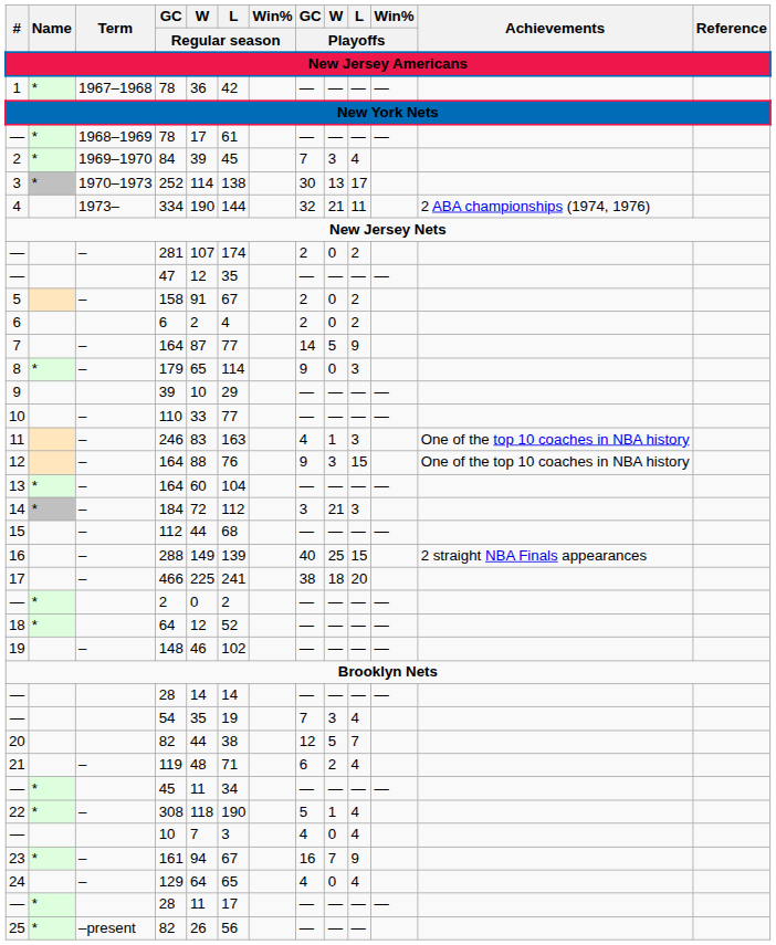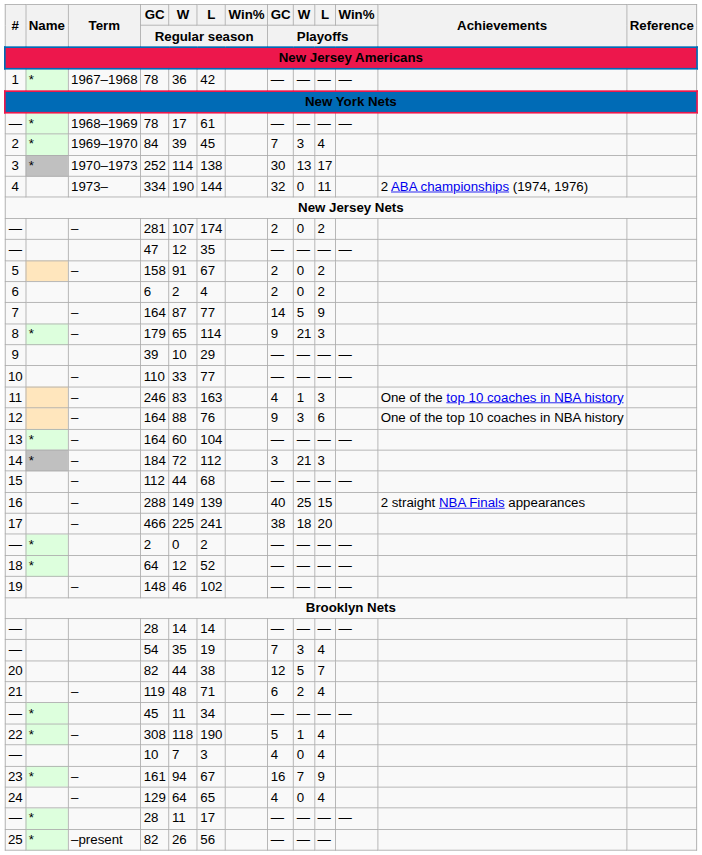 <table class="wikitable sortable">
 <tr>
 <th rowspan="2">#</th>
 <th rowspan="2">Name</th>
 <th rowspan="2">Term</th>
 <th>GC</th>
 <th>W</th>
 <th>L</th>
 <th>Win%</th>
 <th>GC</th>
 <th>W</th>
 <th>L</th>
 <th>Win%</th>
 <th rowspan="2" class=unsortable>Achievements</th>
 <th rowspan="2" class=unsortable>Reference</th>
 </tr>
 <tr class="unsortable">
 <th colspan="4">Regular season</th>
 <th colspan="4">Playoffs</th>
 </tr>
 <tr>
 <td align=center colspan="16" style="border:2px solid #006BB6; background-color:#ED174C;"><span><strong>New Jersey Americans</strong></span></td>
 </tr>
 <tr>
 <td align=center>1</td>
 <td style="background-color:#ddffdd">*</td>
 <td>1967–1968</td>
 <td>78</td>
 <td>36</td>
 <td>42</td>
 <td></td>
 <td>—</td>
 <td>—</td>
 <td>—</td>
 <td>—</td>
 <td></td>
 <td align=center></td>
 </tr>
 <tr>
 <td align=center colspan="16" style="border:2px solid #ED174C; background-color:#006BB6;"><span><strong>New York Nets</strong></span></td>
 </tr>
 <tr>
 <td align=center>—</td>
 <td style="background-color:#ddffdd">*</td>
 <td>1968–1969</td>
 <td>78</td>
 <td>17</td>
 <td>61</td>
 <td></td>
 <td>—</td>
 <td>—</td>
 <td>—</td>
 <td>—</td>
 <td></td>
 <td align=center></td>
 </tr>
 <tr>
 <td align=center>2</td>
 <td style="background-color:#ddffdd">*</td>
 <td>1969–1970</td>
 <td>84</td>
 <td>39</td>
 <td>45</td>
 <td></td>
 <td>7</td>
 <td>3</td>
 <td>4</td>
 <td></td>
 <td></td>
 <td align=center></td>
 </tr>
 <tr>
 <td align=center>3</td>
 <td style="background-color:silver">*</td>
 <td>1970–1973</td>
 <td>252</td>
 <td>114</td>
 <td>138</td>
 <td></td>
 <td>30</td>
 <td>13</td>
 <td>17</td>
 <td></td>
 <td></td>
 <td align=center></td>
 </tr>
 <tr>
 <td align=center>4</td>
 <td></td>
 <td>1973–</td>
 <td>334</td>
 <td>190</td>
 <td>144</td>
 <td></td>
 <td>32</td>
-<td>21</td>
+<td>0</td>
 <td>11</td>
 <td></td>
 <td>2 <a href='#'>ABA championships</a> (1974, 1976)</td>
 <td align=center></td>
 </tr>
 <tr>
 <td align=center colspan="16"><strong>New Jersey Nets</strong></td>
 </tr>
 <tr>
 <td align=center>—</td>
 <td></td>
 <td>–</td>
 <td>281</td>
 <td>107</td>
 <td>174</td>
 <td></td>
 <td>2</td>
 <td>0</td>
 <td>2</td>
 <td></td>
 <td></td>
 <td align=center></td>
 </tr>
 <tr>
 <td align=center>—</td>
 <td></td>
 <td></td>
 <td>47</td>
 <td>12</td>
 <td>35</td>
 <td></td>
 <td>—</td>
 <td>—</td>
 <td>—</td>
 <td>—</td>
 <td></td>
 <td align=center></td>
 </tr>
 <tr>
 <td align=center>5</td>
 <td bgcolor="#FFE6BD"></td>
 <td>–</td>
 <td>158</td>
 <td>91</td>
 <td>67</td>
 <td></td>
 <td>2</td>
 <td>0</td>
 <td>2</td>
 <td></td>
 <td></td>
 <td align=center></td>
 </tr>
 <tr>
 <td align=center>6</td>
 <td></td>
 <td></td>
 <td>6</td>
 <td>2</td>
 <td>4</td>
 <td></td>
 <td>2</td>
 <td>0</td>
 <td>2</td>
 <td></td>
 <td></td>
 <td align=center></td>
 </tr>
 <tr>
 <td align=center>7</td>
 <td></td>
 <td>–</td>
 <td>164</td>
 <td>87</td>
 <td>77</td>
 <td></td>
 <td>14</td>
 <td>5</td>
 <td>9</td>
 <td></td>
 <td></td>
 <td align=center></td>
 </tr>
 <tr>
 <td align=center>8</td>
 <td style="background-color:#ddffdd">*</td>
 <td>–</td>
 <td>179</td>
 <td>65</td>
 <td>114</td>
 <td></td>
 <td>9</td>
-<td>0</td>
+<td>21</td>
 <td>3</td>
 <td></td>
 <td></td>
 <td align=center></td>
 </tr>
 <tr>
 <td align=center>9</td>
 <td></td>
 <td></td>
 <td>39</td>
 <td>10</td>
 <td>29</td>
 <td></td>
 <td>—</td>
 <td>—</td>
 <td>—</td>
 <td>—</td>
 <td></td>
 <td align=center></td>
 </tr>
 <tr>
 <td align=center>10</td>
 <td></td>
 <td>–</td>
 <td>110</td>
 <td>33</td>
 <td>77</td>
 <td></td>
 <td>—</td>
 <td>—</td>
 <td>—</td>
 <td>—</td>
 <td></td>
 <td align=center></td>
 </tr>
 <tr>
 <td align=center>11</td>
 <td style="background-color:#FFE6BD"></td>
 <td>–</td>
 <td>246</td>
 <td>83</td>
 <td>163</td>
 <td></td>
 <td>4</td>
 <td>1</td>
 <td>3</td>
 <td></td>
 <td>One of the <a href='#'>top 10 coaches in NBA history</a></td>
 <td align=center></td>
 </tr>
 <tr>
 <td align=center>12</td>
 <td style="background-color:#FFE6BD"></td>
 <td>–</td>
 <td>164</td>
 <td>88</td>
 <td>76</td>
 <td></td>
 <td>9</td>
 <td>3</td>
-<td>15</td>
+<td>6</td>
 <td></td>
 <td>One of the top 10 coaches in NBA history</td>
 <td align=center></td>
 </tr>
 <tr>
 <td align=center>13</td>
 <td style="background-color:#ddffdd">*</td>
 <td>–</td>
 <td>164</td>
 <td>60</td>
 <td>104</td>
 <td></td>
 <td>—</td>
 <td>—</td>
 <td>—</td>
 <td>—</td>
 <td></td>
 <td align=center></td>
 </tr>
 <tr>
 <td align=center>14</td>
 <td style="background-color:silver">*</td>
 <td>–</td>
 <td>184</td>
 <td>72</td>
 <td>112</td>
 <td></td>
 <td>3</td>
 <td>21</td>
 <td>3</td>
 <td></td>
 <td></td>
 <td align=center></td>
 </tr>
 <tr>
 <td align=center>15</td>
 <td></td>
 <td>–</td>
 <td>112</td>
 <td>44</td>
 <td>68</td>
 <td></td>
 <td>—</td>
 <td>—</td>
 <td>—</td>
 <td>—</td>
 <td></td>
 <td align=center></td>
 </tr>
 <tr>
 <td align=center>16</td>
 <td></td>
 <td>–</td>
 <td>288</td>
 <td>149</td>
 <td>139</td>
 <td></td>
 <td>40</td>
 <td>25</td>
 <td>15</td>
 <td></td>
 <td>2 straight <a href='#'>NBA Finals</a> appearances</td>
 <td align=center></td>
 </tr>
 <tr>
 <td align=center>17</td>
 <td></td>
 <td>–</td>
 <td>466</td>
 <td>225</td>
 <td>241</td>
 <td></td>
 <td>38</td>
 <td>18</td>
 <td>20</td>
 <td></td>
 <td></td>
 <td align=center></td>
 </tr>
 <tr>
 <td align=center>—</td>
 <td style="background-color:#ddffdd">*</td>
 <td></td>
 <td>2</td>
 <td>0</td>
 <td>2</td>
 <td></td>
 <td>—</td>
 <td>—</td>
 <td>—</td>
 <td>—</td>
 <td></td>
 <td align=center></td>
 </tr>
 <tr>
 <td align=center>18</td>
 <td style="background-color:#ddffdd">*</td>
 <td></td>
 <td>64</td>
 <td>12</td>
 <td>52</td>
 <td></td>
 <td>—</td>
 <td>—</td>
 <td>—</td>
 <td>—</td>
 <td></td>
 <td align=center></td>
 </tr>
 <tr>
 <td align=center>19</td>
 <td></td>
 <td>–</td>
 <td>148</td>
 <td>46</td>
 <td>102</td>
 <td></td>
 <td>—</td>
 <td>—</td>
 <td>—</td>
 <td>—</td>
 <td></td>
 <td align=center></td>
 </tr>
 <tr>
 <td align=center colspan="16"><strong>Brooklyn Nets</strong></td>
 </tr>
 <tr>
 <td align=center>—</td>
 <td></td>
 <td></td>
 <td>28</td>
 <td>14</td>
 <td>14</td>
 <td></td>
 <td>—</td>
 <td>—</td>
 <td>—</td>
 <td>—</td>
 <td></td>
 <td align=center></td>
 </tr>
 <tr>
 <td align=center>—</td>
 <td></td>
 <td></td>
 <td>54</td>
 <td>35</td>
 <td>19</td>
 <td></td>
 <td>7</td>
 <td>3</td>
 <td>4</td>
 <td></td>
 <td></td>
 <td align=center></td>
 </tr>
 <tr>
 <td align=center>20</td>
 <td></td>
 <td></td>
 <td>82</td>
 <td>44</td>
 <td>38</td>
 <td></td>
 <td>12</td>
 <td>5</td>
 <td>7</td>
 <td></td>
 <td></td>
 <td align=center></td>
 </tr>
 <tr>
 <td align=center>21</td>
 <td></td>
 <td>–</td>
 <td>119</td>
 <td>48</td>
 <td>71</td>
 <td></td>
 <td>6</td>
 <td>2</td>
 <td>4</td>
 <td></td>
 <td></td>
 <td align=center></td>
 </tr>
 <tr>
 <td align=center>—</td>
 <td style="background-color:#ddffdd">*</td>
 <td></td>
 <td>45</td>
 <td>11</td>
 <td>34</td>
 <td></td>
 <td>—</td>
 <td>—</td>
 <td>—</td>
 <td>—</td>
 <td></td>
 <td align=center></td>
 </tr>
 <tr>
 <td align=center>22</td>
 <td style="background-color:#ddffdd">*</td>
 <td>–</td>
 <td>308</td>
 <td>118</td>
 <td>190</td>
 <td></td>
 <td>5</td>
 <td>1</td>
 <td>4</td>
 <td></td>
 <td></td>
 <td align=center></td>
 </tr>
 <tr>
 <td align=center>—</td>
 <td></td>
 <td></td>
 <td>10</td>
 <td>7</td>
 <td>3</td>
 <td></td>
 <td>4</td>
 <td>0</td>
 <td>4</td>
 <td></td>
 <td></td>
 <td align=center></td>
 </tr>
 <tr>
 <td align=center>23</td>
 <td style="background-color:#ddffdd">*</td>
 <td>–</td>
 <td>161</td>
 <td>94</td>
 <td>67</td>
 <td></td>
 <td>16</td>
 <td>7</td>
 <td>9</td>
 <td></td>
 <td></td>
 <td align=center></td>
 </tr>
 <tr>
 <td align=center>24</td>
 <td></td>
 <td>–</td>
 <td>129</td>
 <td>64</td>
 <td>65</td>
 <td></td>
 <td>4</td>
 <td>0</td>
 <td>4</td>
 <td></td>
 <td></td>
 <td align=center></td>
 </tr>
 <tr>
 <td align=center>—</td>
 <td style="background-color:#ddffdd">*</td>
 <td></td>
 <td>28</td>
 <td>11</td>
 <td>17</td>
 <td></td>
 <td>—</td>
 <td>—</td>
 <td>—</td>
 <td>—</td>
 <td></td>
 <td align=center></td>
 </tr>
 <tr>
 <td align=center>25</td>
 <td style="background-color:#ddffdd">*</td>
 <td>–present</td>
 <td>82</td>
 <td>26</td>
 <td>56</td>
 <td></td>
 <td>—</td>
 <td>—</td>
 <td>—</td>
 <td></td>
 <td></td>
 <td align=center></td>
 </tr>
 </table>
